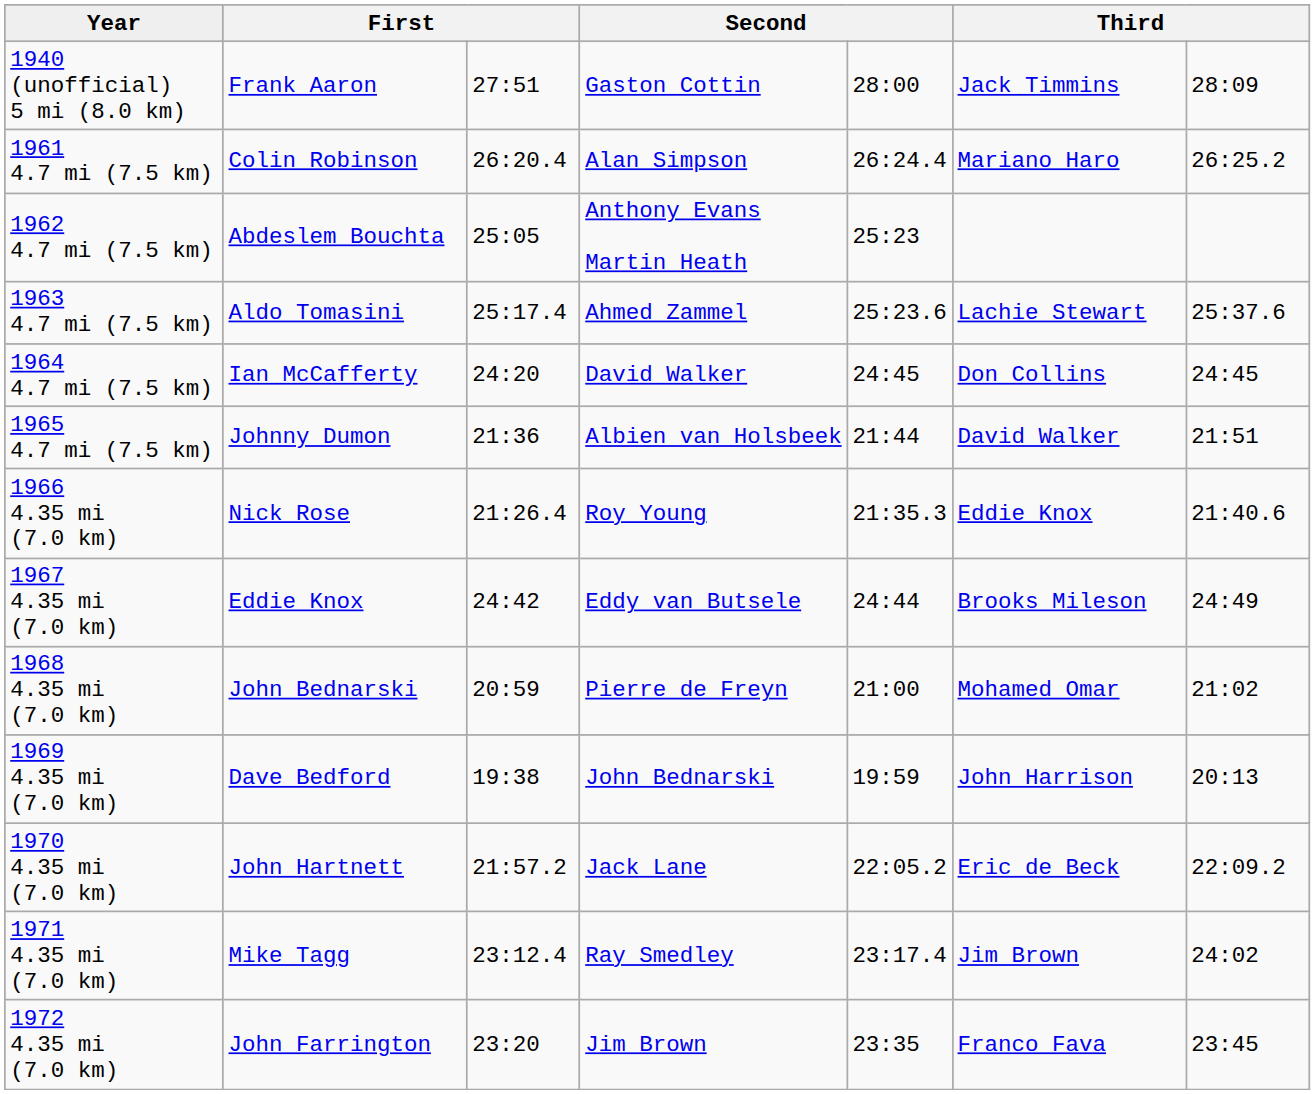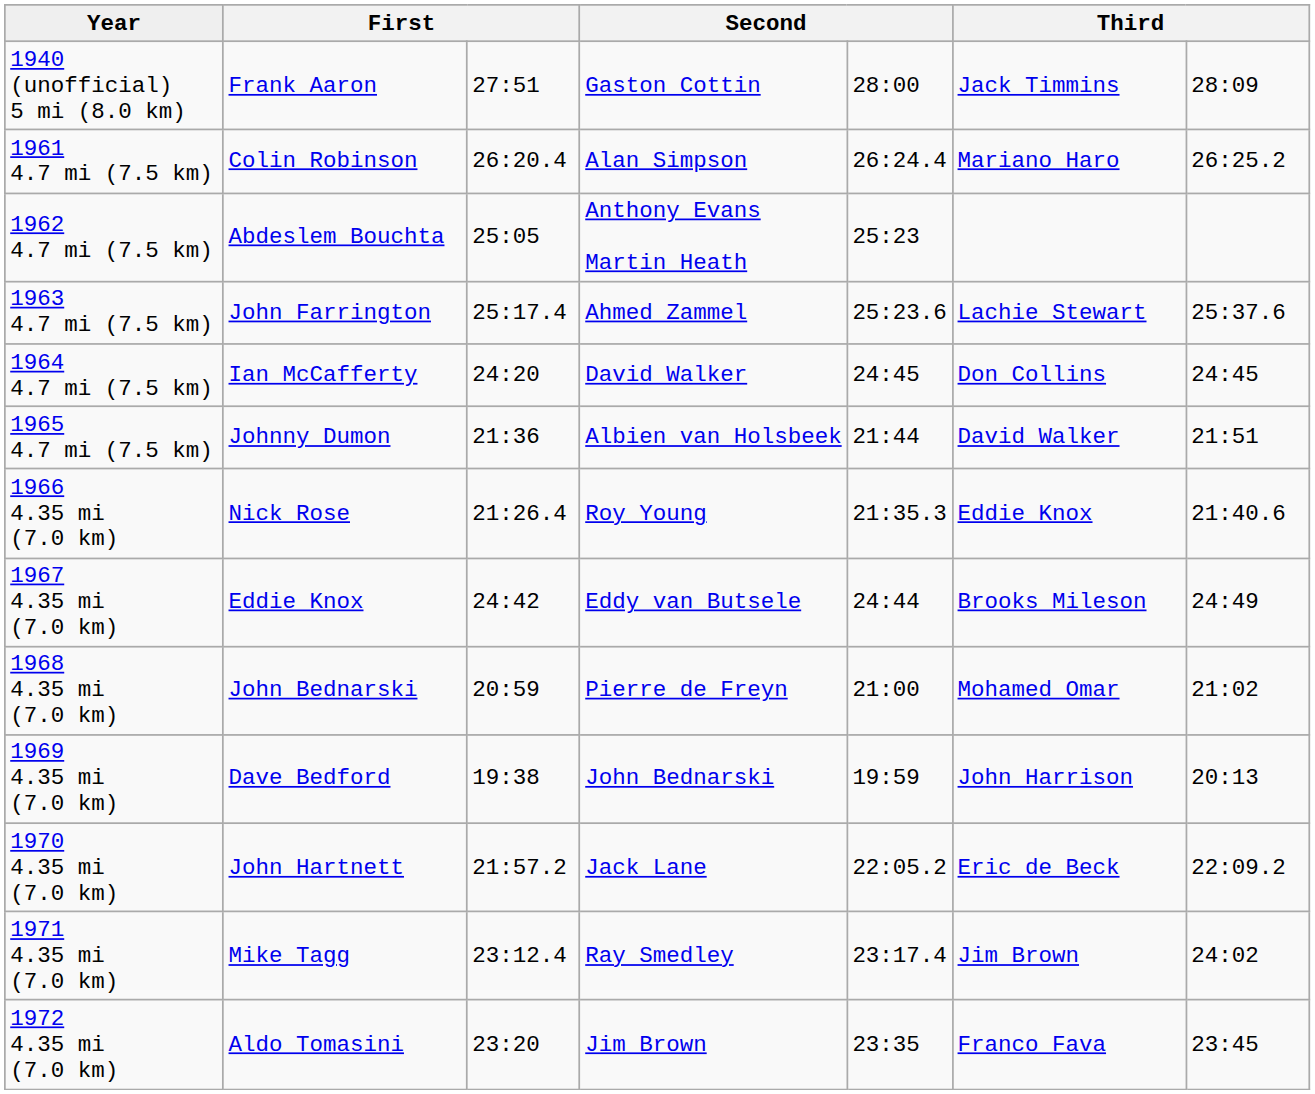 <table class="wikitable" border="1" style="font-size:100%">
 <tr align=center>
 <th scope=col style="width:120px; background: #efefef;">Year</th>
 <th scope=col colspan=2 style="width:200px;"> First</th>
 <th scope=col colspan=2 style="width:200px;"> Second</th>
 <th scope=col colspan=2 style="width:200px;"> Third</th>
 </tr>
 <tr>
 <td><a href='#'>1940</a> (unofficial)<br>5 mi (8.0 km)</td>
 <td><a href='#'>Frank Aaron</a><br></td>
 <td>27:51</td>
 <td><a href='#'>Gaston Cottin</a><br></td>
 <td>28:00</td>
 <td><a href='#'>Jack Timmins</a><br></td>
 <td>28:09</td>
 </tr>
 <tr>
 <td><a href='#'>1961</a><br>4.7 mi (7.5 km)</td>
 <td><a href='#'>Colin Robinson</a><br></td>
 <td>26:20.4</td>
 <td><a href='#'>Alan Simpson</a><br></td>
 <td>26:24.4</td>
 <td><a href='#'>Mariano Haro</a><br></td>
 <td>26:25.2</td>
 </tr>
 <tr>
 <td><a href='#'>1962</a><br>4.7 mi (7.5 km)</td>
 <td><a href='#'>Abdeslem Bouchta</a><br></td>
 <td>25:05</td>
 <td><a href='#'>Anthony Evans</a><br> <br> <a href='#'>Martin Heath</a><br></td>
 <td>25:23</td>
 <td></td>
 <td></td>
 </tr>
 <tr>
 <td><a href='#'>1963</a><br>4.7 mi (7.5 km)</td>
-<td><a href='#'>Aldo Tomasini</a><br></td>
+<td><a href='#'>John Farrington</a><br></td>
 <td>25:17.4</td>
 <td><a href='#'>Ahmed Zammel</a><br></td>
 <td>25:23.6</td>
 <td><a href='#'>Lachie Stewart</a><br></td>
 <td>25:37.6</td>
 </tr>
 <tr>
 <td><a href='#'>1964</a><br>4.7 mi (7.5 km)</td>
 <td><a href='#'>Ian McCafferty</a><br></td>
 <td>24:20</td>
 <td><a href='#'>David Walker</a><br></td>
 <td>24:45</td>
 <td><a href='#'>Don Collins</a><br></td>
 <td>24:45</td>
 </tr>
 <tr>
 <td><a href='#'>1965</a><br>4.7 mi (7.5 km)</td>
 <td><a href='#'>Johnny Dumon</a><br></td>
 <td>21:36</td>
 <td><a href='#'>Albien van Holsbeek</a><br></td>
 <td>21:44</td>
 <td><a href='#'>David Walker</a><br></td>
 <td>21:51</td>
 </tr>
 <tr>
 <td><a href='#'>1966</a><br>4.35 mi (7.0 km)</td>
 <td><a href='#'>Nick Rose</a><br></td>
 <td>21:26.4</td>
 <td><a href='#'>Roy Young</a><br></td>
 <td>21:35.3</td>
 <td><a href='#'>Eddie Knox</a><br></td>
 <td>21:40.6</td>
 </tr>
 <tr>
 <td><a href='#'>1967</a><br>4.35 mi (7.0 km)</td>
 <td><a href='#'>Eddie Knox</a><br></td>
 <td>24:42</td>
 <td><a href='#'>Eddy van Butsele</a><br></td>
 <td>24:44</td>
 <td><a href='#'>Brooks Mileson</a><br></td>
 <td>24:49</td>
 </tr>
 <tr>
 <td><a href='#'>1968</a><br>4.35 mi (7.0 km)</td>
 <td><a href='#'>John Bednarski</a><br></td>
 <td>20:59</td>
 <td><a href='#'>Pierre de Freyn</a><br></td>
 <td>21:00</td>
 <td><a href='#'>Mohamed Omar</a><br></td>
 <td>21:02</td>
 </tr>
 <tr>
 <td><a href='#'>1969</a><br>4.35 mi (7.0 km)</td>
 <td><a href='#'>Dave Bedford</a><br></td>
 <td>19:38</td>
 <td><a href='#'>John Bednarski</a><br></td>
 <td>19:59</td>
 <td><a href='#'>John Harrison</a><br></td>
 <td>20:13</td>
 </tr>
 <tr>
 <td><a href='#'>1970</a><br>4.35 mi (7.0 km)</td>
 <td><a href='#'>John Hartnett</a><br></td>
 <td>21:57.2</td>
 <td><a href='#'>Jack Lane</a><br></td>
 <td>22:05.2</td>
 <td><a href='#'>Eric de Beck</a><br></td>
 <td>22:09.2</td>
 </tr>
 <tr>
 <td><a href='#'>1971</a><br>4.35 mi (7.0 km)</td>
 <td><a href='#'>Mike Tagg</a><br></td>
 <td>23:12.4</td>
 <td><a href='#'>Ray Smedley</a><br></td>
 <td>23:17.4</td>
 <td><a href='#'>Jim Brown</a><br></td>
 <td>24:02</td>
 </tr>
 <tr>
 <td><a href='#'>1972</a><br>4.35 mi (7.0 km)</td>
-<td><a href='#'>John Farrington</a><br></td>
+<td><a href='#'>Aldo Tomasini</a><br></td>
 <td>23:20</td>
 <td><a href='#'>Jim Brown</a><br></td>
 <td>23:35</td>
 <td><a href='#'>Franco Fava</a><br></td>
 <td>23:45</td>
 </tr>
 </table>
